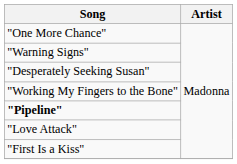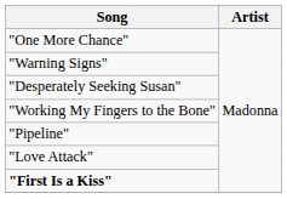 <table class="wikitable">
 <tr>
 <th>Song</th>
 <th>Artist</th>
 </tr>
 <tr>
 <td>"One More Chance"</td>
 <td rowspan="7">Madonna</td>
 </tr>
 <tr>
 <td>"Warning Signs"</td>
 </tr>
 <tr>
 <td>"Desperately Seeking Susan"</td>
 </tr>
 <tr>
 <td>"Working My Fingers to the Bone"</td>
 </tr>
 <tr>
-<td><strong>"Pipeline"</strong></td>
+<td>"Pipeline"</td>
 </tr>
 <tr>
 <td>"Love Attack"</td>
 </tr>
 <tr>
-<td>"First Is a Kiss"</td>
+<td><strong>"First Is a Kiss"</strong></td>
 </tr>
 <tr>
 </tr>
 </table>
